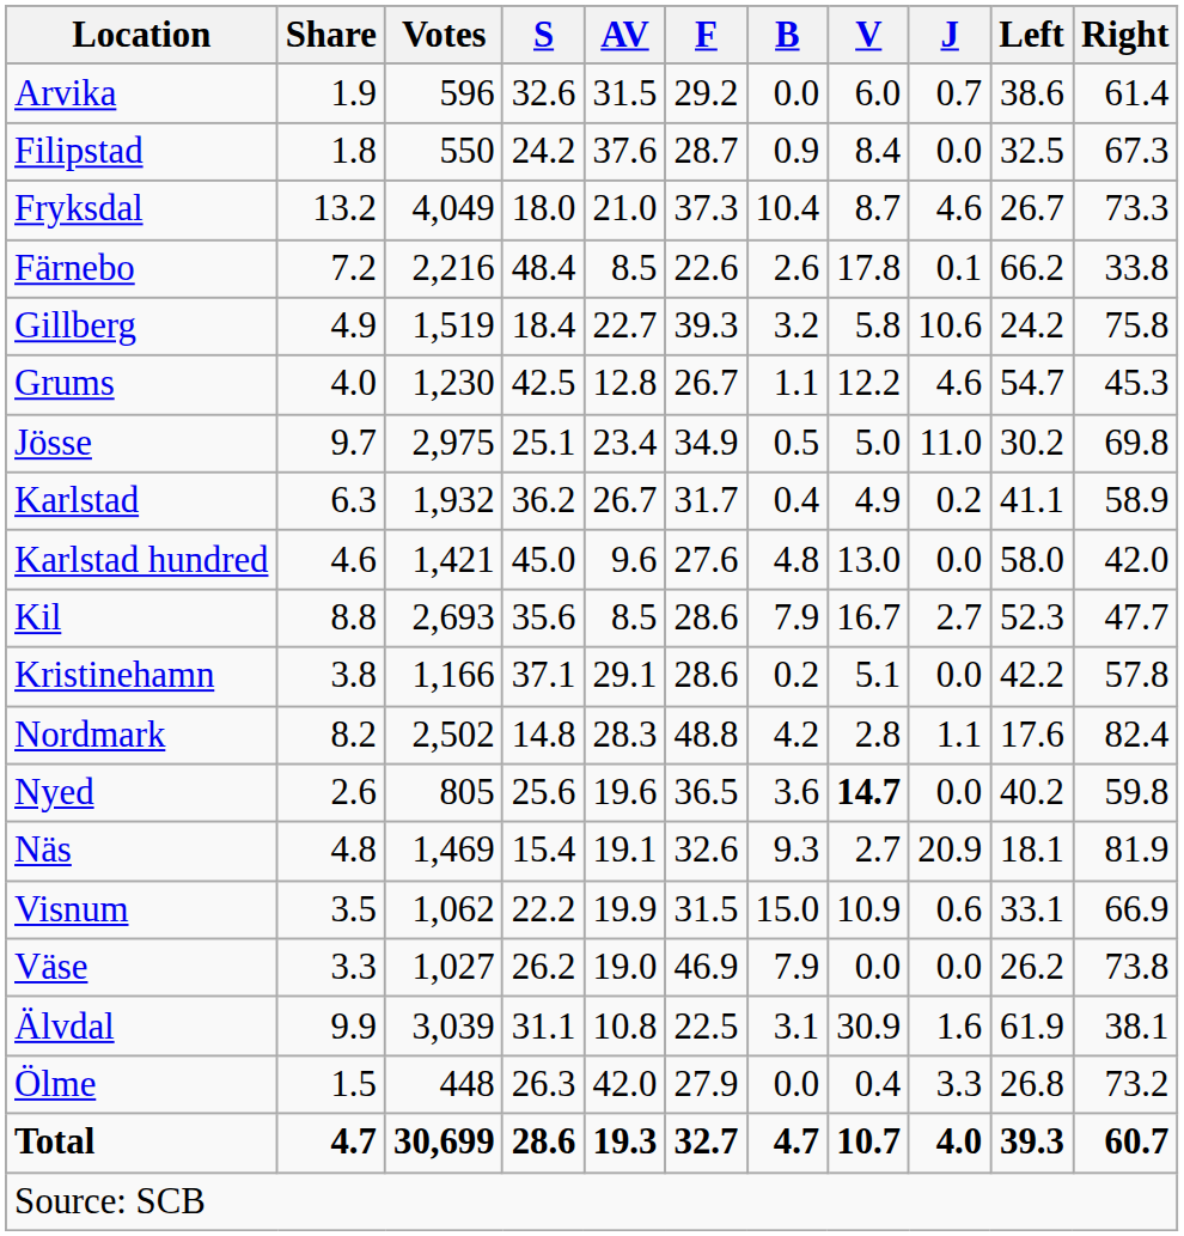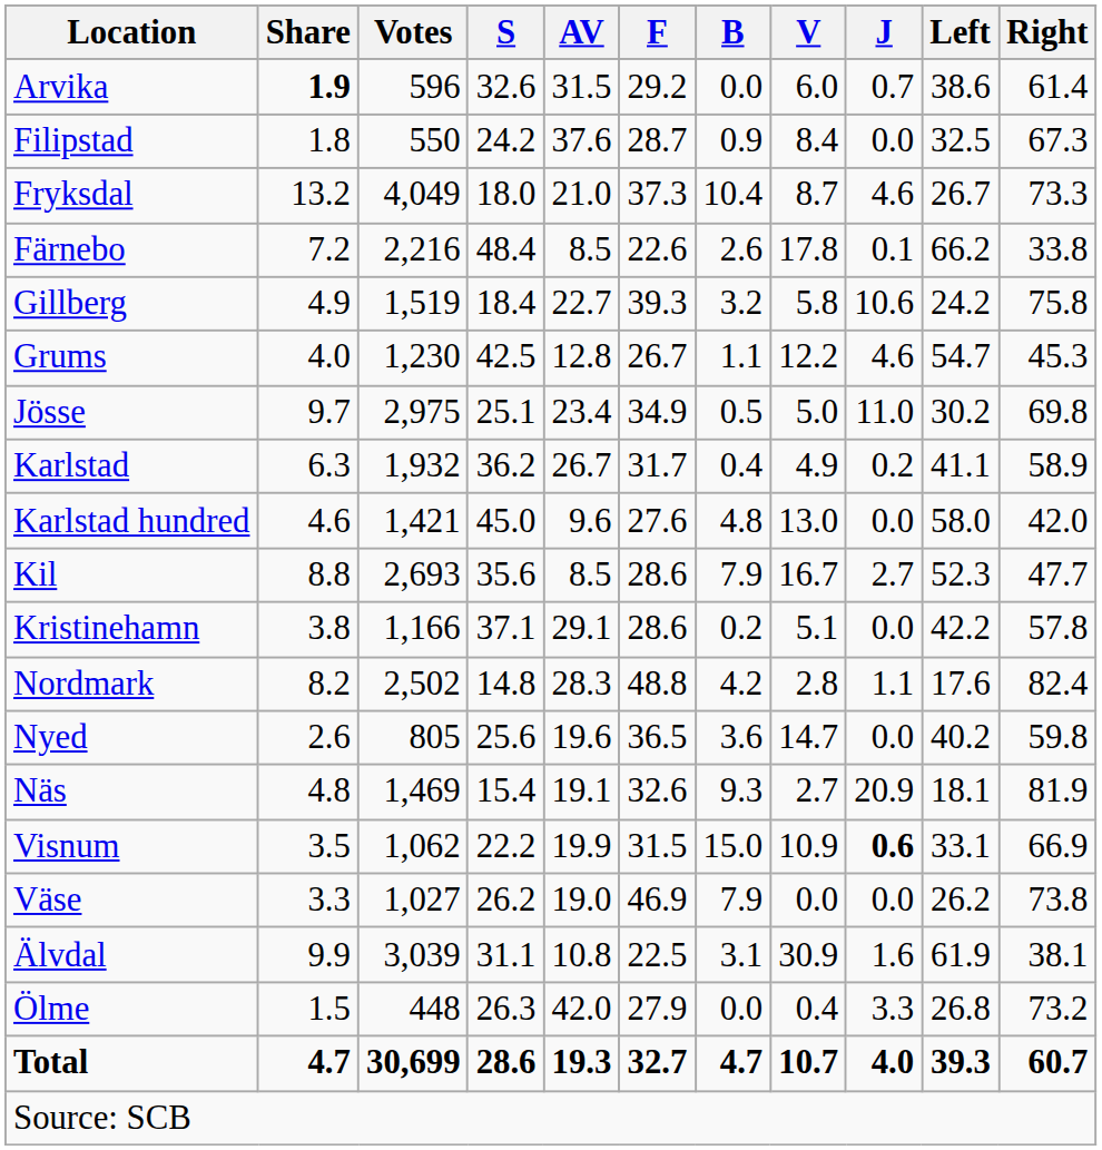 <table class="wikitable sortable" style=text-align:right>
 <tr>
 <th>Location</th>
 <th>Share</th>
 <th>Votes</th>
 <th><a href='#'>S</a></th>
 <th><a href='#'>AV</a></th>
 <th><a href='#'>F</a></th>
 <th><a href='#'>B</a></th>
 <th><a href='#'>V</a></th>
 <th><a href='#'>J</a></th>
 <th>Left</th>
 <th>Right</th>
 </tr>
 <tr>
 <td align=left><a href='#'>Arvika</a></td>
-<td>1.9</td>
+<td><strong>1.9</strong></td>
 <td>596</td>
 <td>32.6</td>
 <td>31.5</td>
 <td>29.2</td>
 <td>0.0</td>
 <td>6.0</td>
 <td>0.7</td>
 <td>38.6</td>
 <td>61.4</td>
 </tr>
 <tr>
 <td align=left><a href='#'>Filipstad</a></td>
 <td>1.8</td>
 <td>550</td>
 <td>24.2</td>
 <td>37.6</td>
 <td>28.7</td>
 <td>0.9</td>
 <td>8.4</td>
 <td>0.0</td>
 <td>32.5</td>
 <td>67.3</td>
 </tr>
 <tr>
 <td align=left><a href='#'>Fryksdal</a></td>
 <td>13.2</td>
 <td>4,049</td>
 <td>18.0</td>
 <td>21.0</td>
 <td>37.3</td>
 <td>10.4</td>
 <td>8.7</td>
 <td>4.6</td>
 <td>26.7</td>
 <td>73.3</td>
 </tr>
 <tr>
 <td align=left><a href='#'>Färnebo</a></td>
 <td>7.2</td>
 <td>2,216</td>
 <td>48.4</td>
 <td>8.5</td>
 <td>22.6</td>
 <td>2.6</td>
 <td>17.8</td>
 <td>0.1</td>
 <td>66.2</td>
 <td>33.8</td>
 </tr>
 <tr>
 <td align=left><a href='#'>Gillberg</a></td>
 <td>4.9</td>
 <td>1,519</td>
 <td>18.4</td>
 <td>22.7</td>
 <td>39.3</td>
 <td>3.2</td>
 <td>5.8</td>
 <td>10.6</td>
 <td>24.2</td>
 <td>75.8</td>
 </tr>
 <tr>
 <td align=left><a href='#'>Grums</a></td>
 <td>4.0</td>
 <td>1,230</td>
 <td>42.5</td>
 <td>12.8</td>
 <td>26.7</td>
 <td>1.1</td>
 <td>12.2</td>
 <td>4.6</td>
 <td>54.7</td>
 <td>45.3</td>
 </tr>
 <tr>
 <td align=left><a href='#'>Jösse</a></td>
 <td>9.7</td>
 <td>2,975</td>
 <td>25.1</td>
 <td>23.4</td>
 <td>34.9</td>
 <td>0.5</td>
 <td>5.0</td>
 <td>11.0</td>
 <td>30.2</td>
 <td>69.8</td>
 </tr>
 <tr>
 <td align=left><a href='#'>Karlstad</a></td>
 <td>6.3</td>
 <td>1,932</td>
 <td>36.2</td>
 <td>26.7</td>
 <td>31.7</td>
 <td>0.4</td>
 <td>4.9</td>
 <td>0.2</td>
 <td>41.1</td>
 <td>58.9</td>
 </tr>
 <tr>
 <td align=left><a href='#'>Karlstad hundred</a></td>
 <td>4.6</td>
 <td>1,421</td>
 <td>45.0</td>
 <td>9.6</td>
 <td>27.6</td>
 <td>4.8</td>
 <td>13.0</td>
 <td>0.0</td>
 <td>58.0</td>
 <td>42.0</td>
 </tr>
 <tr>
 <td align=left><a href='#'>Kil</a></td>
 <td>8.8</td>
 <td>2,693</td>
 <td>35.6</td>
 <td>8.5</td>
 <td>28.6</td>
 <td>7.9</td>
 <td>16.7</td>
 <td>2.7</td>
 <td>52.3</td>
 <td>47.7</td>
 </tr>
 <tr>
 <td align=left><a href='#'>Kristinehamn</a></td>
 <td>3.8</td>
 <td>1,166</td>
 <td>37.1</td>
 <td>29.1</td>
 <td>28.6</td>
 <td>0.2</td>
 <td>5.1</td>
 <td>0.0</td>
 <td>42.2</td>
 <td>57.8</td>
 </tr>
 <tr>
 <td align=left><a href='#'>Nordmark</a></td>
 <td>8.2</td>
 <td>2,502</td>
 <td>14.8</td>
 <td>28.3</td>
 <td>48.8</td>
 <td>4.2</td>
 <td>2.8</td>
 <td>1.1</td>
 <td>17.6</td>
 <td>82.4</td>
 </tr>
 <tr>
 <td align=left><a href='#'>Nyed</a></td>
 <td>2.6</td>
 <td>805</td>
 <td>25.6</td>
 <td>19.6</td>
 <td>36.5</td>
 <td>3.6</td>
-<td><strong>14.7</strong></td>
+<td>14.7</td>
 <td>0.0</td>
 <td>40.2</td>
 <td>59.8</td>
 </tr>
 <tr>
 <td align=left><a href='#'>Näs</a></td>
 <td>4.8</td>
 <td>1,469</td>
 <td>15.4</td>
 <td>19.1</td>
 <td>32.6</td>
 <td>9.3</td>
 <td>2.7</td>
 <td>20.9</td>
 <td>18.1</td>
 <td>81.9</td>
 </tr>
 <tr>
 <td align=left><a href='#'>Visnum</a></td>
 <td>3.5</td>
 <td>1,062</td>
 <td>22.2</td>
 <td>19.9</td>
 <td>31.5</td>
 <td>15.0</td>
 <td>10.9</td>
-<td>0.6</td>
+<td><strong>0.6</strong></td>
 <td>33.1</td>
 <td>66.9</td>
 </tr>
 <tr>
 <td align=left><a href='#'>Väse</a></td>
 <td>3.3</td>
 <td>1,027</td>
 <td>26.2</td>
 <td>19.0</td>
 <td>46.9</td>
 <td>7.9</td>
 <td>0.0</td>
 <td>0.0</td>
 <td>26.2</td>
 <td>73.8</td>
 </tr>
 <tr>
 <td align=left><a href='#'>Älvdal</a></td>
 <td>9.9</td>
 <td>3,039</td>
 <td>31.1</td>
 <td>10.8</td>
 <td>22.5</td>
 <td>3.1</td>
 <td>30.9</td>
 <td>1.6</td>
 <td>61.9</td>
 <td>38.1</td>
 </tr>
 <tr>
 <td align=left><a href='#'>Ölme</a></td>
 <td>1.5</td>
 <td>448</td>
 <td>26.3</td>
 <td>42.0</td>
 <td>27.9</td>
 <td>0.0</td>
 <td>0.4</td>
 <td>3.3</td>
 <td>26.8</td>
 <td>73.2</td>
 </tr>
 <tr>
 <td align=left><strong>Total</strong></td>
 <td><strong>4.7</strong></td>
 <td><strong>30,699</strong></td>
 <td><strong>28.6</strong></td>
 <td><strong>19.3</strong></td>
 <td><strong>32.7</strong></td>
 <td><strong>4.7</strong></td>
 <td><strong>10.7</strong></td>
 <td><strong>4.0</strong></td>
 <td><strong>39.3</strong></td>
 <td><strong>60.7</strong></td>
 </tr>
 <tr>
 <td align=left colspan=11>Source: SCB </td>
 </tr>
 </table>
